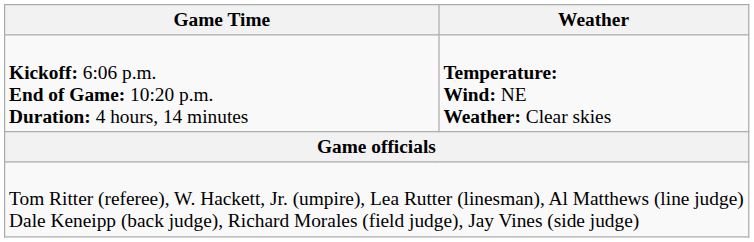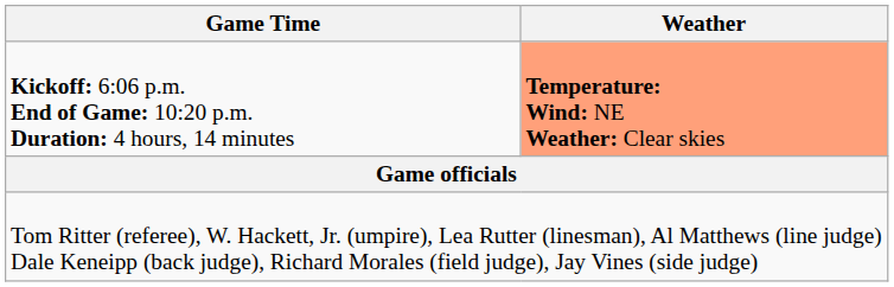 <table class="wikitable">
 <tr>
 <th>Game Time</th>
 <th>Weather</th>
 </tr>
 <tr>
 <td><br><strong>Kickoff:</strong> 6:06 p.m.<br> <strong>End of Game:</strong> 10:20 p.m.<br> <strong>Duration:</strong> 4 hours, 14 minutes</td>
-<td><br><strong>Temperature:</strong> <br> <strong>Wind:</strong> NE <br> <strong>Weather:</strong> Clear skies</td>
+<td style="background: lightsalmon;"><br><strong>Temperature:</strong> <br> <strong>Wind:</strong> NE <br> <strong>Weather:</strong> Clear skies</td>
 </tr>
 <tr>
 <th colspan=2>Game officials</th>
 </tr>
 <tr>
 <td colspan=2><br>Tom Ritter (referee), W. Hackett, Jr. (umpire), Lea Rutter (linesman), Al Matthews (line judge)<br>Dale Keneipp (back judge), Richard Morales (field judge), Jay Vines (side judge)</td>
 </tr>
 </table>
